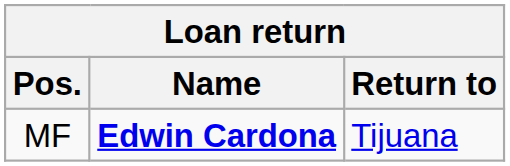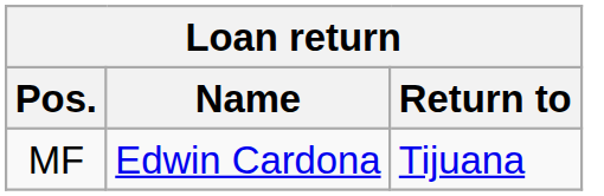 <table class="wikitable" style="font-size:95%;">
 <tr>
 <th colspan="5">Loan return</th>
 </tr>
 <tr>
 <th>Pos.</th>
 <th>Name</th>
 <th>Return to</th>
 </tr>
 <tr>
 <td align="center">MF</td>
-<td><strong> <a href='#'>Edwin Cardona</a></strong></td>
+<td> <a href='#'>Edwin Cardona</a></td>
 <td> <a href='#'>Tijuana</a></td>
 </tr>
 </table>
